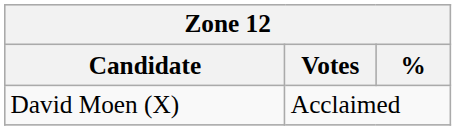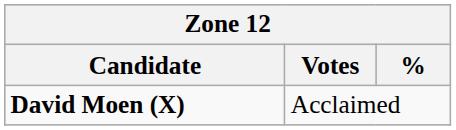 <table class="wikitable">
 <tr>
 <th colspan="3">Zone 12</th>
 </tr>
 <tr>
 <th style="width: 170px">Candidate</th>
 <th style="width: 50px">Votes</th>
 <th style="width: 40px">%</th>
 </tr>
 <tr>
-<td>David Moen (X)</td>
+<td><strong>David Moen (X)</strong></td>
 <td colspan="2">Acclaimed</td>
 </tr>
 </table>
